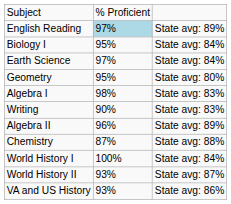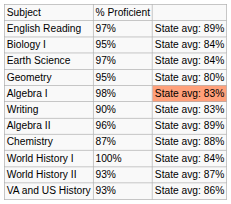 <table class="wikitable">
 <tr>
 <td>Subject</td>
 <td>% Proficient</td>
 <td></td>
 </tr>
 <tr>
 <td>English Reading</td>
-<td style="background: lightblue;">97%</td>
+<td>97%</td>
 <td>State  avg: 89%</td>
 </tr>
 <tr>
 <td>Biology I</td>
 <td>95%</td>
 <td>State  avg: 84%</td>
 </tr>
 <tr>
 <td>Earth Science</td>
 <td>97%</td>
 <td>State  avg: 84%</td>
 </tr>
 <tr>
 <td>Geometry</td>
 <td>95%</td>
 <td>State  avg: 80%</td>
 </tr>
 <tr>
 <td>Algebra I</td>
 <td>98%</td>
-<td>State  avg: 83%</td>
+<td style="background: lightsalmon;">State  avg: 83%</td>
 </tr>
 <tr>
 <td>Writing</td>
 <td>90%</td>
 <td>State  avg: 83%</td>
 </tr>
 <tr>
 <td>Algebra II</td>
 <td>96%</td>
 <td>State  avg: 89%</td>
 </tr>
 <tr>
 <td>Chemistry</td>
 <td>87%</td>
 <td>State  avg: 88%</td>
 </tr>
 <tr>
 <td>World History I</td>
 <td>100%</td>
 <td>State  avg: 84%</td>
 </tr>
 <tr>
 <td>World History II</td>
 <td>93%</td>
 <td>State  avg: 87%</td>
 </tr>
 <tr>
 <td>VA and US History</td>
 <td>93%</td>
 <td>State  avg: 86%</td>
 </tr>
 </table>
